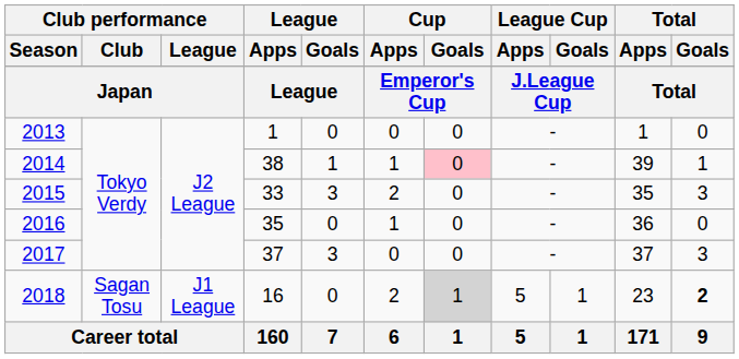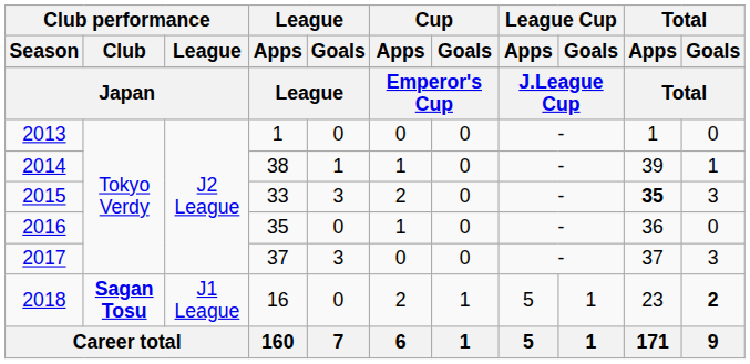 <table class="wikitable" style="text-align:center">
 <tr>
 <th colspan=3>Club performance</th>
 <th colspan=2>League</th>
 <th colspan=2>Cup</th>
 <th colspan=2>League Cup</th>
 <th colspan=2>Total</th>
 </tr>
 <tr>
 <th>Season</th>
 <th>Club</th>
 <th>League</th>
 <th>Apps</th>
 <th>Goals</th>
 <th>Apps</th>
 <th>Goals</th>
 <th>Apps</th>
 <th>Goals</th>
 <th>Apps</th>
 <th>Goals</th>
 </tr>
 <tr>
 </tr>
 <tr>
 <th colspan=3>Japan</th>
 <th colspan=2>League</th>
 <th colspan=2><a href='#'>Emperor's Cup</a></th>
 <th colspan=2><a href='#'>J.League Cup</a></th>
 <th colspan=2>Total</th>
 </tr>
 <tr>
 <td><a href='#'>2013</a></td>
 <td rowspan="5"><a href='#'>Tokyo Verdy</a></td>
 <td rowspan="5"><a href='#'>J2 League</a></td>
 <td>1</td>
 <td>0</td>
 <td>0</td>
 <td>0</td>
 <td colspan=2>-</td>
 <td>1</td>
 <td>0</td>
 </tr>
 <tr>
 <td><a href='#'>2014</a></td>
 <td>38</td>
 <td>1</td>
 <td>1</td>
-<td style="background: pink;">0</td>
+<td>0</td>
 <td colspan=2>-</td>
 <td>39</td>
 <td>1</td>
 </tr>
 <tr>
 <td><a href='#'>2015</a></td>
 <td>33</td>
 <td>3</td>
 <td>2</td>
 <td>0</td>
 <td colspan=2>-</td>
-<td>35</td>
+<td><strong>35</strong></td>
 <td>3</td>
 </tr>
 <tr>
 <td><a href='#'>2016</a></td>
 <td>35</td>
 <td>0</td>
 <td>1</td>
 <td>0</td>
 <td colspan=2>-</td>
 <td>36</td>
 <td>0</td>
 </tr>
 <tr>
 <td><a href='#'>2017</a></td>
 <td>37</td>
 <td>3</td>
 <td>0</td>
 <td>0</td>
 <td colspan=2>-</td>
 <td>37</td>
 <td>3</td>
 </tr>
 <tr>
 <td><a href='#'>2018</a></td>
-<td rowspan="1"><a href='#'>Sagan Tosu</a></td>
+<td rowspan="1"><strong><a href='#'>Sagan Tosu</a></strong></td>
 <td rowspan="1"><a href='#'>J1 League</a></td>
 <td>16</td>
 <td>0</td>
 <td>2</td>
-<td style="background: lightgrey;">1</td>
+<td>1</td>
 <td>5</td>
 <td>1</td>
 <td>23</td>
 <td><strong>2</strong></td>
 </tr>
 <tr>
 <th colspan=3>Career total</th>
 <th>160</th>
 <th>7</th>
 <th>6</th>
 <th>1</th>
 <th>5</th>
 <th>1</th>
 <th>171</th>
 <th>9</th>
 </tr>
 </table>
